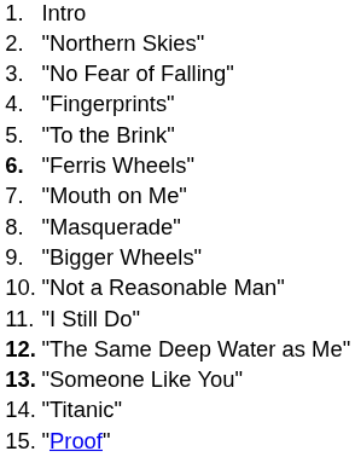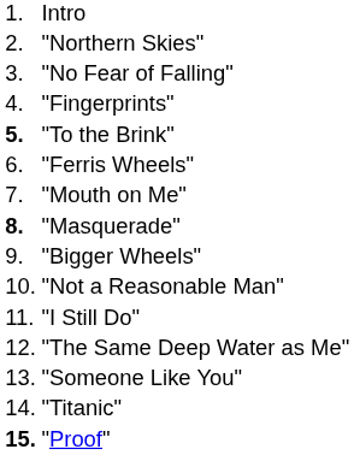 <table style="background: transparent; margin: auto auto auto 2em ">
 <tr>
 <td>1.</td>
 <td>Intro</td>
 <td></td>
 </tr>
 <tr>
 <td>2.</td>
 <td>"Northern Skies"</td>
 <td></td>
 </tr>
 <tr>
 <td>3.</td>
 <td>"No Fear of Falling"</td>
 <td></td>
 </tr>
 <tr>
 <td>4.</td>
 <td>"Fingerprints"</td>
 <td></td>
 </tr>
 <tr>
-<td>5.</td>
+<td><strong>5.</strong></td>
 <td>"To the Brink"</td>
 <td></td>
 </tr>
 <tr>
-<td><strong>6.</strong></td>
+<td>6.</td>
 <td>"Ferris Wheels"</td>
 <td></td>
 </tr>
 <tr>
 <td>7.</td>
 <td>"Mouth on Me"</td>
 <td></td>
 </tr>
 <tr>
-<td>8.</td>
+<td><strong>8.</strong></td>
 <td>"Masquerade"</td>
 <td></td>
 </tr>
 <tr>
 <td>9.</td>
 <td>"Bigger Wheels"</td>
 <td></td>
 </tr>
 <tr>
 <td>10.</td>
 <td>"Not a Reasonable Man"</td>
 <td></td>
 </tr>
 <tr>
 <td>11.</td>
 <td>"I Still Do"</td>
 <td></td>
 </tr>
 <tr>
-<td><strong>12.</strong></td>
+<td>12.</td>
 <td>"The Same Deep Water as Me"</td>
 <td></td>
 </tr>
 <tr>
-<td><strong>13.</strong></td>
+<td>13.</td>
 <td>"Someone Like You"</td>
 <td></td>
 </tr>
 <tr>
 <td>14.</td>
 <td>"Titanic"</td>
 <td></td>
 </tr>
 <tr>
-<td>15.</td>
+<td><strong>15.</strong></td>
 <td>"<a href='#'>Proof</a>"</td>
 <td></td>
 </tr>
 </table>
